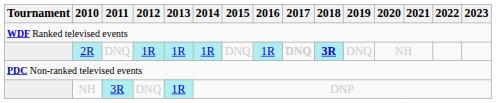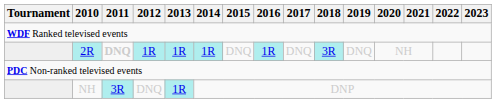 <table class="wikitable" style="width:20%; margin:0">
 <tr>
 <th>Tournament</th>
 <th>2010</th>
 <th>2011</th>
 <th>2012</th>
 <th>2013</th>
 <th>2014</th>
 <th>2015</th>
 <th>2016</th>
 <th>2017</th>
 <th>2018</th>
 <th>2019</th>
 <th>2020</th>
 <th>2021</th>
 <th>2022</th>
 <th>2023</th>
 </tr>
 <tr>
 <td colspan="15" style="text-align:left"><small><strong><a href='#'>WDF</a> </strong>Ranked televised events</small></td>
 </tr>
 <tr>
 <td style="background:#efefef;"></td>
 <td style="text-align:center; background:#afeeee;"><a href='#'>2R</a></td>
-<td style="text-align:center; color:#ccc;">DNQ</td>
+<td style="text-align:center; color:#ccc;"><strong>DNQ</strong></td>
 <td style="text-align:center; background:#afeeee;"><a href='#'>1R</a></td>
 <td style="text-align:center; background:#afeeee;"><a href='#'>1R</a></td>
 <td style="text-align:center; background:#afeeee;"><a href='#'>1R</a></td>
 <td style="text-align:center; color:#ccc;">DNQ</td>
 <td style="text-align:center; background:#afeeee;"><a href='#'>1R</a></td>
-<td style="text-align:center; color:#ccc;"><strong>DNQ</strong></td>
-<td style="text-align:center; background:#afeeee;"><strong><a href='#'>3R</a></strong></td>
+<td style="text-align:center; color:#ccc;">DNQ</td>
+<td style="text-align:center; background:#afeeee;"><a href='#'>3R</a></td>
 <td style="text-align:center; color:#ccc;">DNQ</td>
 <td colspan="2" style="text-align:center; color:#ccc;">NH</td>
 <td></td>
 <td></td>
 </tr>
 <tr>
 <td colspan="15" style="text-align:left"><small><strong><a href='#'>PDC</a> </strong>Non-ranked televised events</small></td>
 </tr>
 <tr>
 <td style="background:#efefef;"></td>
 <td style="text-align:center; color:#ccc;">NH</td>
 <td style="text-align:center; background:#afeeee;"><a href='#'>3R</a></td>
 <td style="text-align:center; color:#ccc;">DNQ</td>
 <td style="text-align:center; background:#afeeee;"><a href='#'>1R</a></td>
 <td colspan="10" style="text-align:center; color:#ccc;">DNP</td>
 </tr>
 </table>
